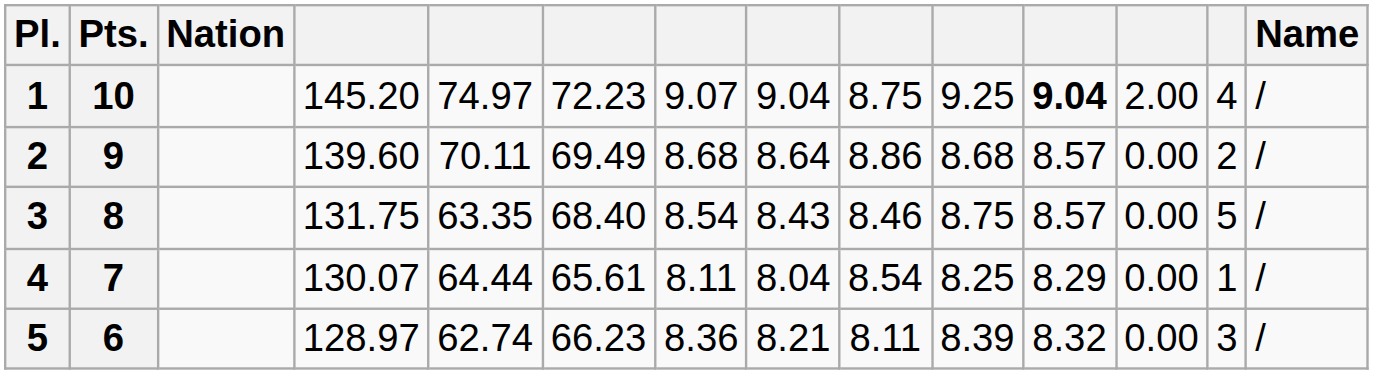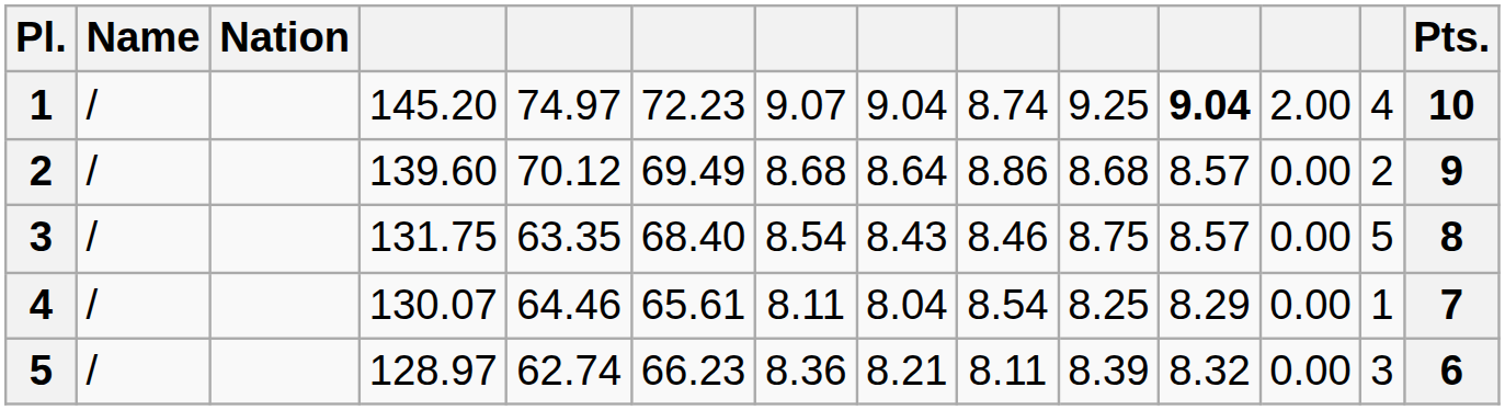 <table class="wikitable sortable" style="text-align:center">
 <tr>
 <th>Pl.</th>
-<th>Pts.</th>
+<th>Name</th>
 <th>Nation</th>
 <th></th>
 <th></th>
 <th></th>
 <th></th>
 <th></th>
 <th></th>
 <th></th>
 <th></th>
 <th></th>
 <th></th>
-<th>Name</th>
+<th>Pts.</th>
 </tr>
 <tr>
 <th>1</th>
-<th>10</th>
+<td align="left"> / </td>
 <td align="left"></td>
 <td>145.20</td>
 <td>74.97</td>
 <td>72.23</td>
 <td>9.07</td>
 <td>9.04</td>
-<td>8.75</td>
+<td>8.74</td>
 <td>9.25</td>
 <td><strong>9.04</strong></td>
 <td>2.00</td>
 <td>4</td>
-<td align="left"> / </td>
+<th>10</th>
 </tr>
 <tr>
 <th>2</th>
-<th>9</th>
+<td align="left"> / </td>
 <td align="left"></td>
 <td>139.60</td>
-<td>70.11</td>
+<td>70.12</td>
 <td>69.49</td>
 <td>8.68</td>
 <td>8.64</td>
 <td>8.86</td>
 <td>8.68</td>
 <td>8.57</td>
 <td>0.00</td>
 <td>2</td>
-<td align="left"> / </td>
+<th>9</th>
 </tr>
 <tr>
 <th>3</th>
-<th>8</th>
+<td align="left"> / </td>
 <td align="left"></td>
 <td>131.75</td>
 <td>63.35</td>
 <td>68.40</td>
 <td>8.54</td>
 <td>8.43</td>
 <td>8.46</td>
 <td>8.75</td>
 <td>8.57</td>
 <td>0.00</td>
 <td>5</td>
-<td align="left"> / </td>
+<th>8</th>
 </tr>
 <tr>
 <th>4</th>
-<th>7</th>
+<td align="left"> / </td>
 <td align="left"></td>
 <td>130.07</td>
-<td>64.44</td>
+<td>64.46</td>
 <td>65.61</td>
 <td>8.11</td>
 <td>8.04</td>
 <td>8.54</td>
 <td>8.25</td>
 <td>8.29</td>
 <td>0.00</td>
 <td>1</td>
-<td align="left"> / </td>
+<th>7</th>
 </tr>
 <tr>
 <th>5</th>
-<th>6</th>
+<td align="left"> / </td>
 <td align="left"></td>
 <td>128.97</td>
 <td>62.74</td>
 <td>66.23</td>
 <td>8.36</td>
 <td>8.21</td>
 <td>8.11</td>
 <td>8.39</td>
 <td>8.32</td>
 <td>0.00</td>
 <td>3</td>
-<td align="left"> / </td>
+<th>6</th>
 </tr>
 </table>
